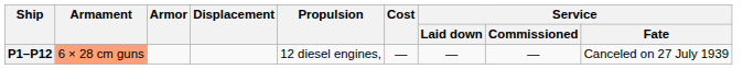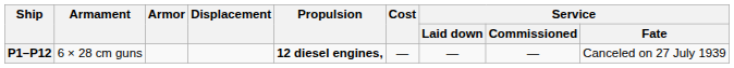 <table class="wikitable plainrowheaders" style="text-align: center;">
 <tr valign="top">
 <th scope="col" rowspan="2">Ship</th>
 <th scope="col" rowspan="2">Armament</th>
 <th scope="col" rowspan="2">Armor</th>
 <th scope="col" rowspan="2">Displacement</th>
 <th scope="col" rowspan="2">Propulsion</th>
 <th scope="col" rowspan="2">Cost</th>
 <th scope="col" colspan="3">Service</th>
 </tr>
 <tr valign="top">
 <th scope="col">Laid down</th>
 <th scope="col">Commissioned</th>
 <th scope="col">Fate</th>
 </tr>
 <tr>
 <th scope="row">P1–P12</th>
-<td style="background: lightsalmon;">6 × 28 cm guns</td>
+<td>6 × 28 cm guns</td>
 <td></td>
 <td></td>
-<td>12 diesel engines, </td>
+<td><strong>12 diesel engines, </strong></td>
 <td>—</td>
 <td>—</td>
 <td>—</td>
 <td style="text-align: left;">Canceled on 27 July 1939</td>
 </tr>
 </table>
